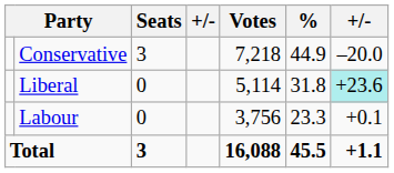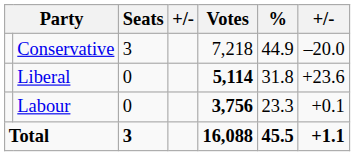 <table class="wikitable sortable">
 <tr>
 <th colspan="2">Party</th>
 <th>Seats</th>
 <th>+/-</th>
 <th>Votes</th>
 <th>%</th>
 <th>+/-</th>
 </tr>
 <tr>
 <td style="background-color: "></td>
 <td><a href='#'>Conservative</a></td>
 <td>3</td>
 <td></td>
 <td style="text-align:right;">7,218</td>
 <td style="text-align:right;">44.9</td>
 <td style="text-align:right;">–20.0</td>
 </tr>
 <tr>
 <td style="background-color: "></td>
 <td><a href='#'>Liberal</a></td>
 <td>0</td>
 <td></td>
-<td style="text-align:right;">5,114</td>
+<td style="text-align:right;"><strong>5,114</strong></td>
 <td style="text-align:right;">31.8</td>
-<td style="background: paleturquoise; text-align:right;">+23.6</td>
+<td style="text-align:right;">+23.6</td>
 </tr>
 <tr>
 <td style="background-color: "></td>
 <td><a href='#'>Labour</a></td>
 <td>0</td>
 <td></td>
-<td style="text-align:right;">3,756</td>
+<td style="text-align:right;"><strong>3,756</strong></td>
 <td style="text-align:right;">23.3</td>
 <td style="text-align:right;">+0.1</td>
 </tr>
 <tr>
 <td colspan="2"><strong>Total</strong></td>
 <td><strong>3</strong></td>
 <td></td>
 <td style="text-align:right;"><strong>16,088</strong></td>
 <td style="text-align:right;"><strong>45.5</strong></td>
 <td style="text-align:right;"><strong>+1.1</strong></td>
 </tr>
 </table>
